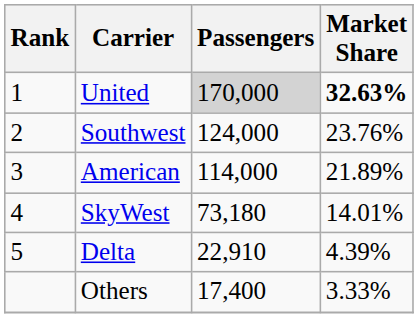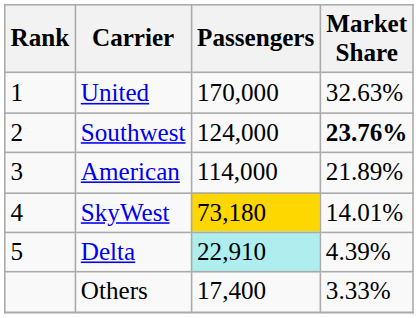 <table class="wikitable">
 <tr>
 <th>Rank</th>
 <th>Carrier</th>
 <th>Passengers</th>
 <th>Market<br>Share</th>
 </tr>
 <tr>
 <td>1</td>
 <td><a href='#'>United</a></td>
-<td style="background: lightgrey;">170,000</td>
-<td><strong>32.63%</strong></td>
+<td>170,000</td>
+<td>32.63%</td>
 </tr>
 <tr>
 <td>2</td>
 <td><a href='#'>Southwest</a></td>
 <td>124,000</td>
-<td>23.76%</td>
+<td><strong>23.76%</strong></td>
 </tr>
 <tr>
 <td>3</td>
 <td><a href='#'>American</a></td>
 <td>114,000</td>
 <td>21.89%</td>
 </tr>
 <tr>
 <td>4</td>
 <td><a href='#'>SkyWest</a></td>
-<td>73,180</td>
+<td style="background: gold;">73,180</td>
 <td>14.01%</td>
 </tr>
 <tr>
 <td>5</td>
 <td><a href='#'>Delta</a></td>
-<td>22,910</td>
+<td style="background: paleturquoise;">22,910</td>
 <td>4.39%</td>
 </tr>
 <tr>
 <td></td>
 <td>Others</td>
 <td>17,400</td>
 <td>3.33%</td>
 </tr>
 <tr>
 </tr>
 </table>
